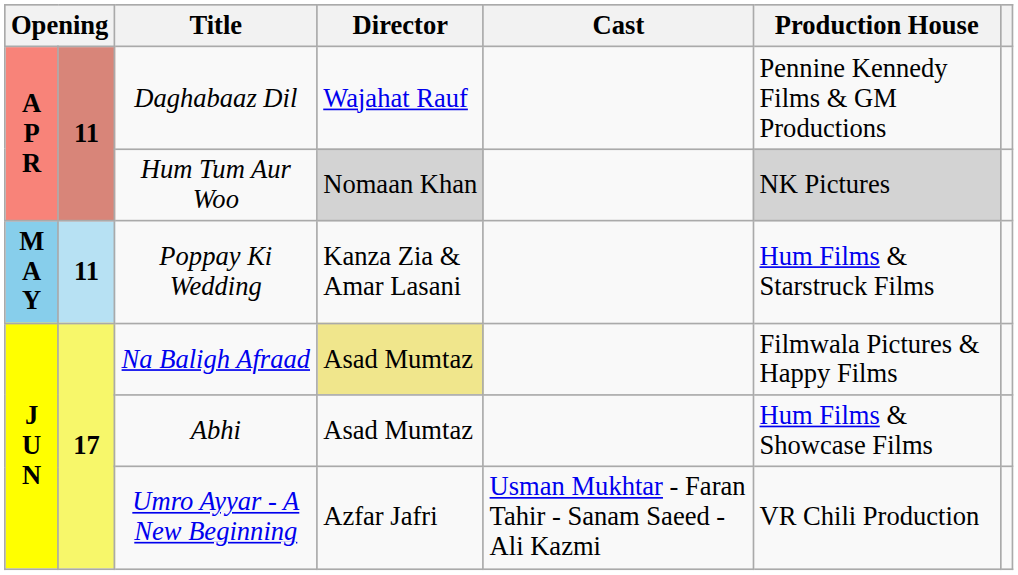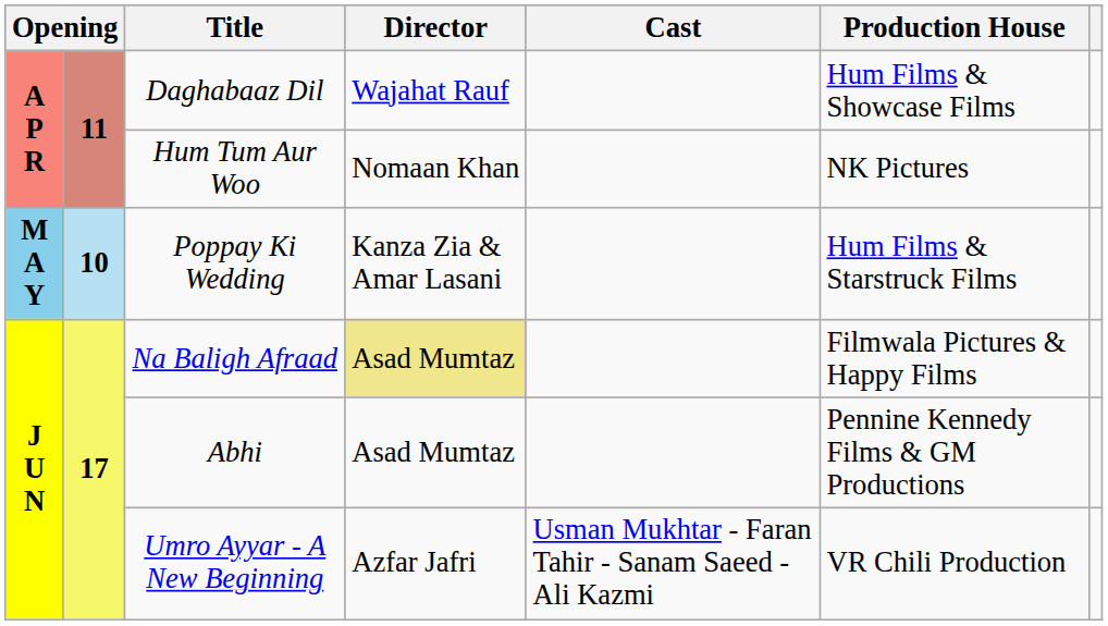 <table class="wikitable sortable">
 <tr>
 <th colspan="2"><strong>Opening</strong></th>
 <th><strong>Title</strong></th>
 <th><strong>Director</strong></th>
 <th><strong>Cast</strong></th>
 <th><strong>Production House</strong></th>
 <th></th>
 </tr>
 <tr>
 <th rowspan="2" style="text-align:center; background:#F88379; textcolor:#000;"><strong>A<br>P<br>R</strong></th>
 <td rowspan="2" style="text-align:center; background:#d88579;" ;><strong>11</strong></td>
 <td style="text-align:center;"><em>Daghabaaz Dil</em></td>
 <td><a href='#'>Wajahat Rauf</a></td>
 <td></td>
-<td>Pennine Kennedy Films & GM Productions</td>
+<td><a href='#'>Hum Films</a> & Showcase Films</td>
 <td></td>
 </tr>
 <tr>
 <td style="text-align:center;"><em>Hum Tum Aur Woo</em></td>
-<td style="background: lightgrey;">Nomaan Khan</td>
+<td>Nomaan Khan</td>
 <td></td>
-<td style="background: lightgrey;">NK Pictures</td>
+<td>NK Pictures</td>
 <td></td>
 </tr>
 <tr>
 <td rowspan="1" style="text-align:center; background:skyBlue;"><strong>M<br>A<br>Y</strong></td>
-<td style="text-align:center; textcolor:#000; background:#b7e1f3;"><strong>11</strong></td>
+<td style="text-align:center; textcolor:#000; background:#b7e1f3;"><strong>10</strong></td>
 <td style="text-align:center;"><em>Poppay Ki Wedding</em></td>
 <td>Kanza Zia & Amar Lasani</td>
 <td></td>
 <td><a href='#'>Hum Films</a> & Starstruck Films</td>
 <td></td>
 </tr>
 <tr June>
 <td rowspan="8" style="text-align:center; background:yellow; textcolor:#000;"><strong>J <br>U <br> N</strong></td>
 <td rowspan="3" style="text-align:center;background:#f7f76a"><strong>17</strong></td>
 <td style="text-align:center;"><em><a href='#'>Na Baligh Afraad</a></em></td>
 <td style="background: khaki;">Asad Mumtaz</td>
 <td></td>
 <td>Filmwala Pictures & Happy Films</td>
 <td></td>
 </tr>
 <tr>
 <td style="text-align:center;"><em>Abhi</em></td>
 <td>Asad Mumtaz</td>
 <td></td>
-<td><a href='#'>Hum Films</a> & Showcase Films</td>
+<td>Pennine Kennedy Films & GM Productions</td>
 <td></td>
 </tr>
 <tr>
 <td style="text-align:center;"><em><a href='#'>Umro Ayyar - A New Beginning</a></em></td>
 <td>Azfar Jafri</td>
 <td><a href='#'>Usman Mukhtar</a> - Faran Tahir - Sanam Saeed - Ali Kazmi</td>
 <td>VR Chili Production</td>
 <td></td>
 </tr>
 </table>
